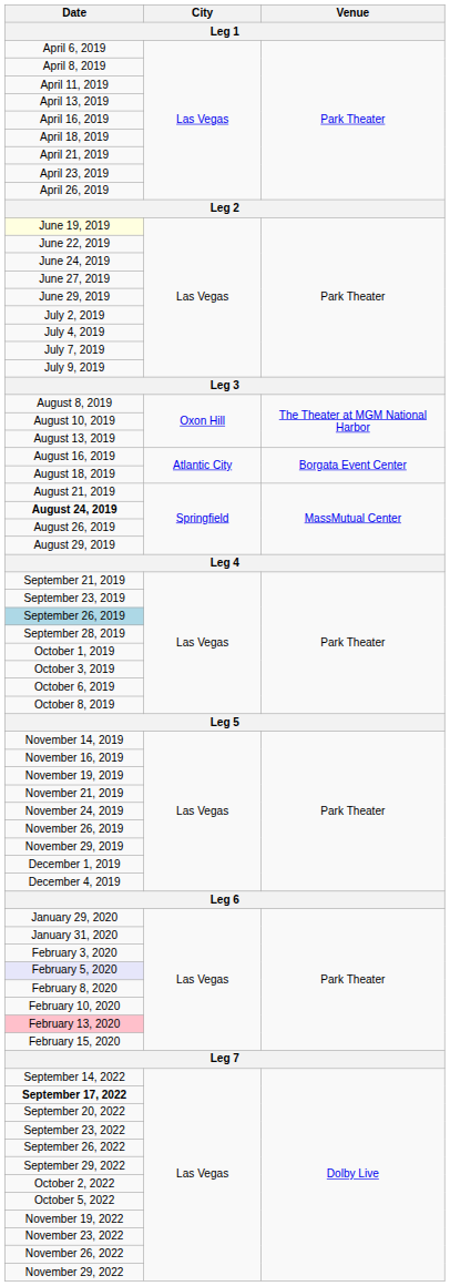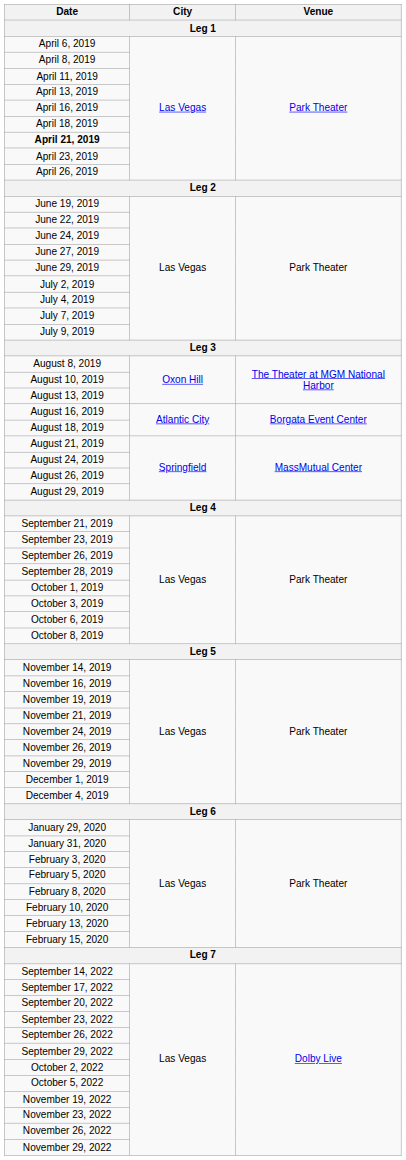 <table class="wikitable plainrowheaders" style="text-align:center;">
 <tr>
 <th scope="col" style="width:12em;">Date</th>
 <th scope="col" style="width:10em;">City</th>
 <th scope="col" style="width:16em;">Venue</th>
 </tr>
 <tr>
 <th colspan="3">Leg 1</th>
 </tr>
 <tr>
 <td>April 6, 2019</td>
 <td rowspan="9"><a href='#'>Las Vegas</a></td>
 <td rowspan="9"><a href='#'>Park Theater</a></td>
 </tr>
 <tr>
 <td>April 8, 2019</td>
 </tr>
 <tr>
 <td>April 11, 2019</td>
 </tr>
 <tr>
 <td>April 13, 2019</td>
 </tr>
 <tr>
 <td>April 16, 2019</td>
 </tr>
 <tr>
 <td>April 18, 2019</td>
 </tr>
 <tr>
-<td>April 21, 2019</td>
+<td><strong>April 21, 2019</strong></td>
 </tr>
 <tr>
 <td>April 23, 2019</td>
 </tr>
 <tr>
 <td>April 26, 2019</td>
 </tr>
 <tr>
 <th colspan="3">Leg 2</th>
 </tr>
 <tr>
-<td style="background: lightyellow;">June 19, 2019</td>
+<td>June 19, 2019</td>
 <td rowspan="9">Las Vegas</td>
 <td rowspan="9">Park Theater</td>
 </tr>
 <tr>
 <td>June 22, 2019</td>
 </tr>
 <tr>
 <td>June 24, 2019</td>
 </tr>
 <tr>
 <td>June 27, 2019</td>
 </tr>
 <tr>
 <td>June 29, 2019</td>
 </tr>
 <tr>
 <td>July 2, 2019</td>
 </tr>
 <tr>
 <td>July 4, 2019</td>
 </tr>
 <tr>
 <td>July 7, 2019</td>
 </tr>
 <tr>
 <td>July 9, 2019</td>
 </tr>
 <tr>
 <th colspan="3">Leg 3</th>
 </tr>
 <tr>
 <td>August 8, 2019</td>
 <td rowspan="3"><a href='#'>Oxon Hill</a></td>
 <td rowspan="3"><a href='#'>The Theater at MGM National Harbor</a></td>
 </tr>
 <tr>
 <td>August 10, 2019</td>
 </tr>
 <tr>
 <td>August 13, 2019</td>
 </tr>
 <tr>
 <td>August 16, 2019</td>
 <td rowspan="2"><a href='#'>Atlantic City</a></td>
 <td rowspan="2"><a href='#'>Borgata Event Center</a></td>
 </tr>
 <tr>
 <td>August 18, 2019</td>
 </tr>
 <tr>
 <td>August 21, 2019</td>
 <td rowspan="4"><a href='#'>Springfield</a></td>
 <td rowspan="4"><a href='#'>MassMutual Center</a></td>
 </tr>
 <tr>
-<td><strong>August 24, 2019</strong></td>
+<td>August 24, 2019</td>
 </tr>
 <tr>
 <td>August 26, 2019</td>
 </tr>
 <tr>
 <td>August 29, 2019</td>
 </tr>
 <tr>
 <th colspan="3">Leg 4</th>
 </tr>
 <tr>
 <td>September 21, 2019</td>
 <td rowspan="8">Las Vegas</td>
 <td rowspan="8">Park Theater</td>
 </tr>
 <tr>
 <td>September 23, 2019</td>
 </tr>
 <tr>
-<td style="background: lightblue;">September 26, 2019</td>
+<td>September 26, 2019</td>
 </tr>
 <tr>
 <td>September 28, 2019</td>
 </tr>
 <tr>
 <td>October 1, 2019</td>
 </tr>
 <tr>
 <td>October 3, 2019</td>
 </tr>
 <tr>
 <td>October 6, 2019</td>
 </tr>
 <tr>
 <td>October 8, 2019</td>
 </tr>
 <tr>
 <th colspan="3">Leg 5</th>
 </tr>
 <tr>
 <td>November 14, 2019</td>
 <td rowspan="9">Las Vegas</td>
 <td rowspan="9">Park Theater</td>
 </tr>
 <tr>
 <td>November 16, 2019</td>
 </tr>
 <tr>
 <td>November 19, 2019</td>
 </tr>
 <tr>
 <td>November 21, 2019</td>
 </tr>
 <tr>
 <td>November 24, 2019</td>
 </tr>
 <tr>
 <td>November 26, 2019</td>
 </tr>
 <tr>
 <td>November 29, 2019</td>
 </tr>
 <tr>
 <td>December 1, 2019</td>
 </tr>
 <tr>
 <td>December 4, 2019</td>
 </tr>
 <tr>
 <th colspan="3">Leg 6</th>
 </tr>
 <tr>
 <td>January 29, 2020</td>
 <td rowspan="8">Las Vegas</td>
 <td rowspan="8">Park Theater</td>
 </tr>
 <tr>
 <td>January 31, 2020</td>
 </tr>
 <tr>
 <td>February 3, 2020</td>
 </tr>
 <tr>
-<td style="background: lavender;">February 5, 2020</td>
+<td>February 5, 2020</td>
 </tr>
 <tr>
 <td>February 8, 2020</td>
 </tr>
 <tr>
 <td>February 10, 2020</td>
 </tr>
 <tr>
-<td style="background: pink;">February 13, 2020</td>
+<td>February 13, 2020</td>
 </tr>
 <tr>
 <td>February 15, 2020</td>
 </tr>
 <tr>
 <th colspan="3">Leg 7</th>
 </tr>
 <tr>
 <td>September 14, 2022</td>
 <td rowspan="12">Las Vegas</td>
 <td rowspan="12"><a href='#'>Dolby Live</a></td>
 </tr>
 <tr>
-<td><strong>September 17, 2022</strong></td>
+<td>September 17, 2022</td>
 </tr>
 <tr>
 <td>September 20, 2022</td>
 </tr>
 <tr>
 <td>September 23, 2022</td>
 </tr>
 <tr>
 <td>September 26, 2022</td>
 </tr>
 <tr>
 <td>September 29, 2022</td>
 </tr>
 <tr>
 <td>October 2, 2022</td>
 </tr>
 <tr>
 <td>October 5, 2022</td>
 </tr>
 <tr>
 <td>November 19, 2022</td>
 </tr>
 <tr>
 <td>November 23, 2022</td>
 </tr>
 <tr>
 <td>November 26, 2022</td>
 </tr>
 <tr>
 <td>November 29, 2022</td>
 </tr>
 </table>
